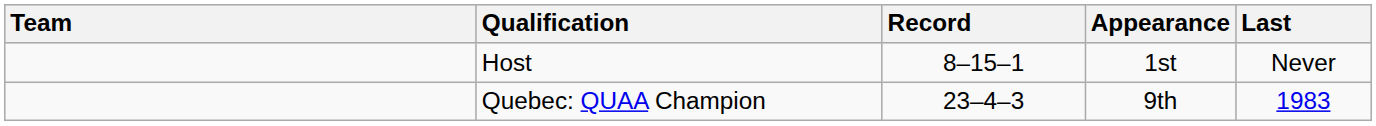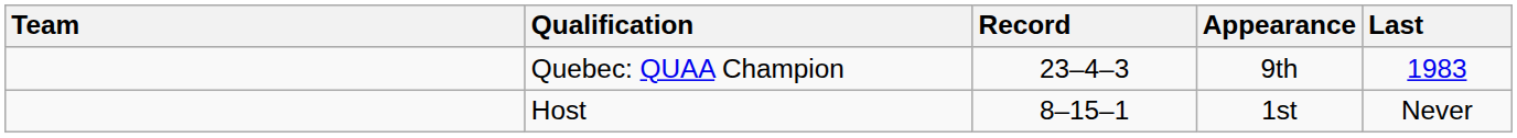 <table class="wikitable sortable" style="text-align: center;" width=900>
 <tr style="background:#efefef; text-align:center">
 <th style="text-align:left" width=35%>Team</th>
 <th style="text-align:left" width=30%>Qualification</th>
 <th style="text-align:left" width=15%>Record</th>
 <th style="text-align:left" width=10%>Appearance</th>
 <th style="text-align:left" width=10%>Last</th>
 </tr>
 <tr style="text-align:center">
 <td style="text-align:left; "><a href='#'></a></td>
+<td style="text-align:left">Quebec: <a href='#'>QUAA</a> Champion</td>
+<td style="text-align:center">23–4–3</td>
+<td style="text-align:center">9th</td>
+<td style="text-align:center"><a href='#'>1983</a></td>
+</tr>
+<tr style="text-align:center">
+<td style="text-align:left; "><a href='#'></a></td>
 <td style="text-align:left">Host</td>
 <td style="text-align:center">8–15–1</td>
 <td style="text-align:center">1st</td>
 <td style="text-align:center">Never</td>
 </tr>
-<tr style="text-align:center">
-<td style="text-align:left; "><a href='#'></a></td>
-<td style="text-align:left">Quebec: <a href='#'>QUAA</a> Champion</td>
-<td style="text-align:center">23–4–3</td>
-<td style="text-align:center">9th</td>
-<td style="text-align:center"><a href='#'>1983</a></td>
-</tr>
 </table>
